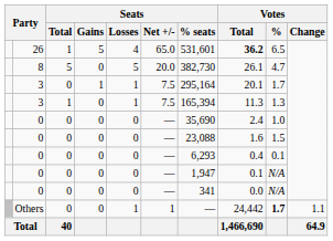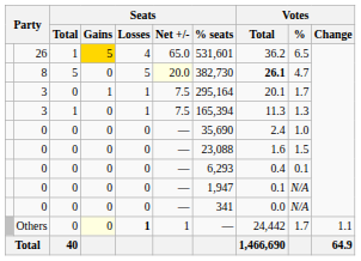 <table class="wikitable" style="text-align:right; font-size:95%;">
 <tr>
 <th colspan="2" rowspan="2">Party</th>
 <th colspan="5">Seats</th>
 <th colspan="3">Votes</th>
 </tr>
 <tr>
 <th>Total</th>
 <th>Gains</th>
 <th>Losses</th>
 <th>Net +/-</th>
 <th>% seats</th>
 <th>Total</th>
 <th>%</th>
 <th>Change</th>
 </tr>
 <tr>
 <td></td>
 <td>26</td>
 <td>1</td>
-<td>5</td>
+<td style="background: gold;">5</td>
 <td>4</td>
 <td>65.0</td>
 <td>531,601</td>
-<td><strong>36.2</strong></td>
+<td>36.2</td>
 <td>6.5</td>
 </tr>
 <tr>
 <td></td>
 <td>8</td>
 <td>5</td>
 <td>0</td>
 <td>5</td>
-<td>20.0</td>
+<td style="background: lightyellow;">20.0</td>
 <td>382,730</td>
-<td>26.1</td>
+<td><strong>26.1</strong></td>
 <td>4.7</td>
 </tr>
 <tr>
 <td></td>
 <td>3</td>
 <td>0</td>
 <td>1</td>
 <td>1</td>
 <td>7.5</td>
 <td>295,164</td>
 <td>20.1</td>
 <td>1.7</td>
 </tr>
 <tr>
 <td></td>
 <td>3</td>
 <td>1</td>
 <td>0</td>
 <td>1</td>
 <td>7.5</td>
 <td>165,394</td>
 <td>11.3</td>
 <td>1.3</td>
 </tr>
 <tr>
 <td></td>
 <td>0</td>
 <td>0</td>
 <td>0</td>
 <td>0</td>
 <td>—</td>
 <td>35,690</td>
 <td>2.4</td>
 <td>1.0</td>
 </tr>
 <tr>
 <td></td>
 <td>0</td>
 <td>0</td>
 <td>0</td>
 <td>0</td>
 <td>—</td>
 <td>23,088</td>
 <td>1.6</td>
 <td>1.5</td>
 </tr>
 <tr>
 <td></td>
 <td>0</td>
 <td>0</td>
 <td>0</td>
 <td>0</td>
 <td>—</td>
 <td>6,293</td>
 <td>0.4</td>
 <td>0.1</td>
 </tr>
 <tr>
 <td></td>
 <td>0</td>
 <td>0</td>
 <td>0</td>
 <td>0</td>
 <td>—</td>
 <td>1,947</td>
 <td>0.1</td>
 <td><em>N/A</em></td>
 </tr>
 <tr>
 <td></td>
 <td>0</td>
 <td>0</td>
 <td>0</td>
 <td>0</td>
 <td>—</td>
 <td>341</td>
 <td>0.0</td>
 <td><em>N/A</em></td>
 </tr>
 <tr>
 <td style="color:inherit;background:silver;"> </td>
 <td align=left>Others</td>
 <td>0</td>
-<td>0</td>
-<td>1</td>
+<td style="background: lightyellow;">0</td>
+<td><strong>1</strong></td>
 <td>1</td>
 <td>—</td>
 <td>24,442</td>
-<td><strong>1.7</strong></td>
+<td>1.7</td>
 <td>1.1</td>
 </tr>
 <tr>
 <th colspan="2">Total</th>
 <th style="text-align: right;">40</th>
 <th style="text-align: right;"></th>
 <th style="text-align: right;"></th>
 <th></th>
 <th></th>
 <th style="text-align: right;">1,466,690</th>
 <th></th>
 <th style="text-align: right;">64.9</th>
 </tr>
 </table>
